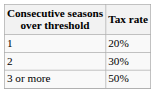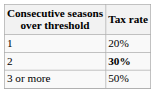 <table class="wikitable">
 <tr>
 <th>Consecutive seasons <br>over threshold</th>
 <th>Tax rate</th>
 </tr>
 <tr>
 <td>1</td>
 <td>20%</td>
 </tr>
 <tr>
 <td>2</td>
-<td>30%</td>
+<td><strong>30%</strong></td>
 </tr>
 <tr>
 <td>3 or more</td>
 <td>50%</td>
 </tr>
 <tr>
 </tr>
 </table>
